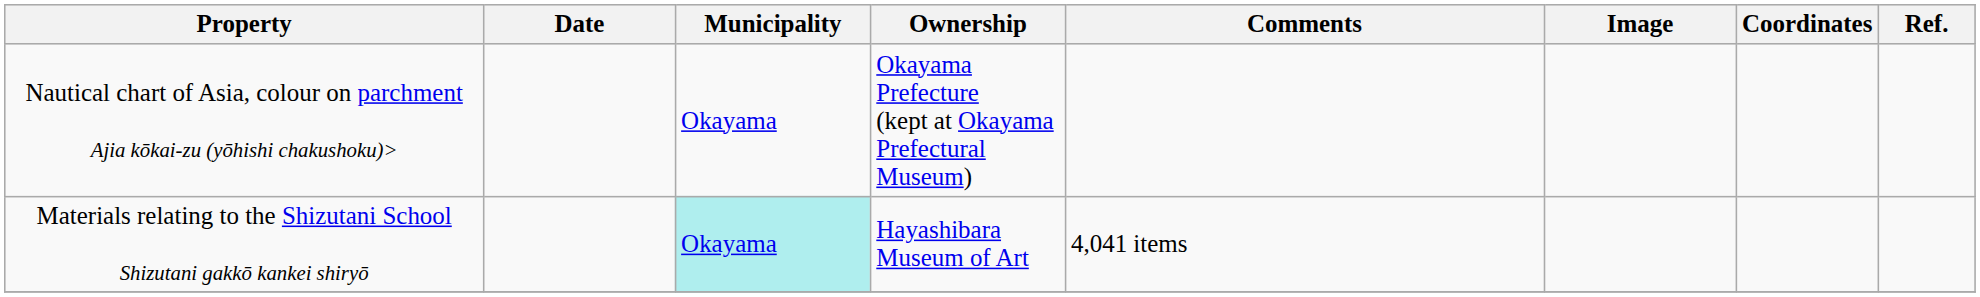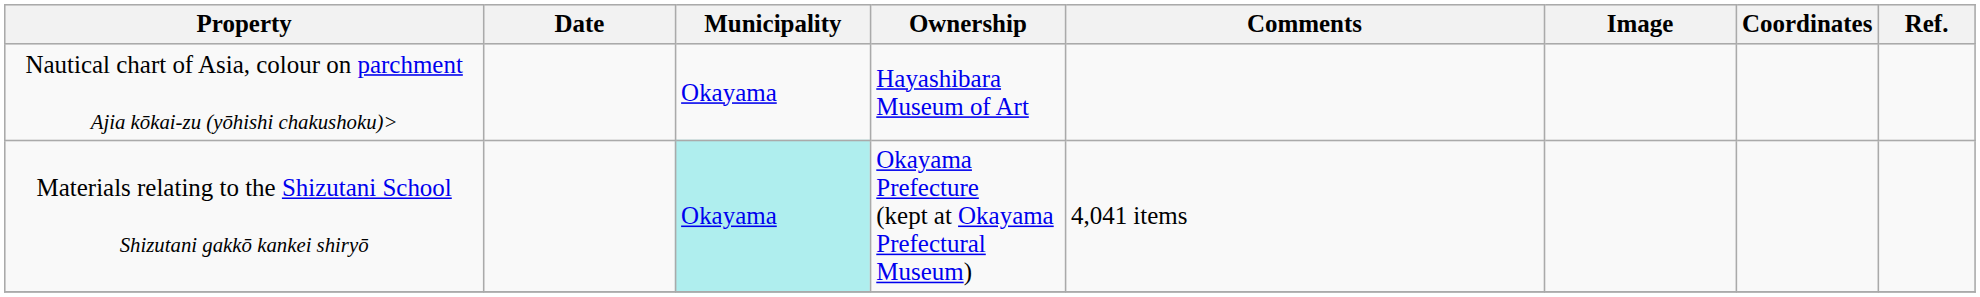 <table class="wikitable sortable"  style="width:100%;">
 <tr>
 <th width="25%" align="left">Property</th>
 <th width="10%" align="left" data-sort-type="number">Date</th>
 <th width="10%" align="left">Municipality</th>
 <th width="10%" align="left">Ownership</th>
 <th width="25%" align="left" class="unsortable">Comments</th>
 <th width="10%" align="left" class="unsortable">Image</th>
 <th width="5%" align="left" class="unsortable">Coordinates</th>
 <th width="5%" align="left" class="unsortable">Ref.</th>
 </tr>
 <tr>
 <td align="center">Nautical chart of Asia, colour on <a href='#'>parchment</a><br><br><small><em>Ajia kōkai-zu (yōhishi chakushoku)></em></small></td>
 <td></td>
 <td><a href='#'>Okayama</a></td>
-<td><a href='#'>Okayama Prefecture</a><br>(kept at <a href='#'>Okayama Prefectural Museum</a>)</td>
+<td><a href='#'>Hayashibara Museum of Art</a></td>
 <td></td>
 <td></td>
 <td></td>
 <td></td>
 </tr>
 <tr>
 <td align="center">Materials relating to the <a href='#'>Shizutani School</a><br><br><small><em>Shizutani gakkō kankei shiryō</em></small></td>
 <td></td>
 <td style="background: paleturquoise;"><a href='#'>Okayama</a></td>
-<td><a href='#'>Hayashibara Museum of Art</a></td>
+<td><a href='#'>Okayama Prefecture</a><br>(kept at <a href='#'>Okayama Prefectural Museum</a>)</td>
 <td>4,041 items</td>
 <td></td>
 <td></td>
 <td></td>
 </tr>
 <tr>
 </tr>
 </table>
